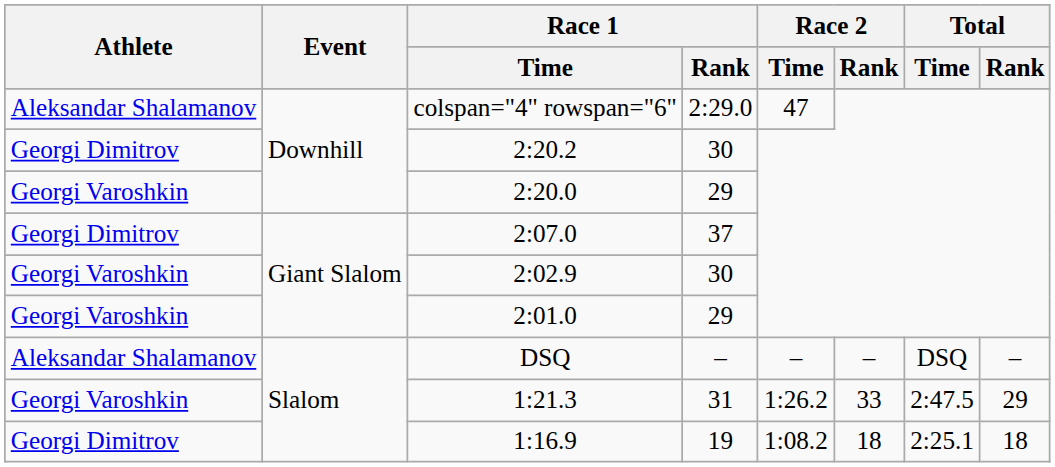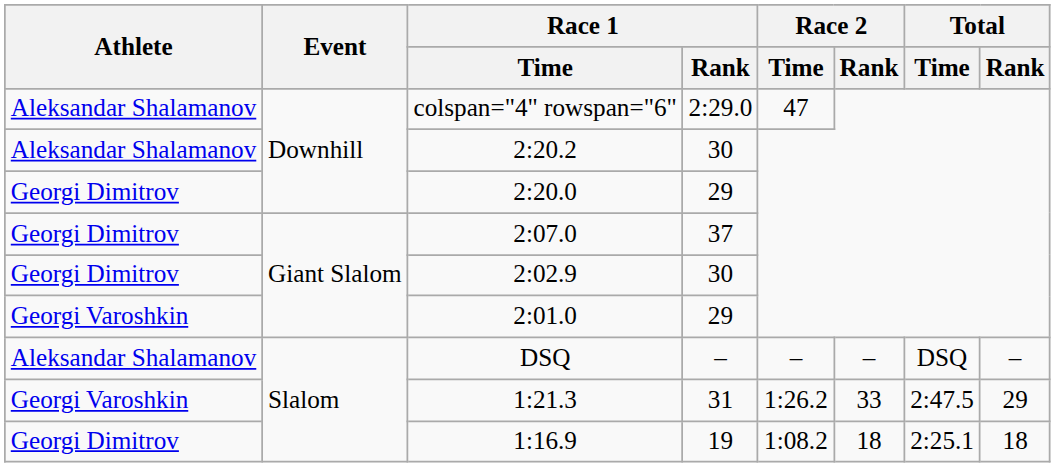 <table class="wikitable" style="font-size:90%">
 <tr>
 <th rowspan="2">Athlete</th>
 <th rowspan="2">Event</th>
 <th colspan="2">Race 1</th>
 <th colspan="2">Race 2</th>
 <th colspan="2">Total</th>
 </tr>
 <tr>
 <th>Time</th>
 <th>Rank</th>
 <th>Time</th>
 <th>Rank</th>
 <th>Time</th>
 <th>Rank</th>
 </tr>
 <tr>
 <td><a href='#'>Aleksandar Shalamanov</a></td>
 <td rowspan="3">Downhill</td>
 <td>colspan="4" rowspan="6" </td>
 <td align="center">2:29.0</td>
 <td align="center">47</td>
 </tr>
 <tr>
-<td><a href='#'>Georgi Dimitrov</a></td>
+<td><a href='#'>Aleksandar Shalamanov</a></td>
 <td align="center">2:20.2</td>
 <td align="center">30</td>
 </tr>
 <tr>
-<td><a href='#'>Georgi Varoshkin</a></td>
+<td><a href='#'>Georgi Dimitrov</a></td>
 <td align="center">2:20.0</td>
 <td align="center">29</td>
 </tr>
 <tr>
 <td><a href='#'>Georgi Dimitrov</a></td>
 <td rowspan="3">Giant Slalom</td>
 <td align="center">2:07.0</td>
 <td align="center">37</td>
 </tr>
 <tr>
-<td><a href='#'>Georgi Varoshkin</a></td>
+<td><a href='#'>Georgi Dimitrov</a></td>
 <td align="center">2:02.9</td>
 <td align="center">30</td>
 </tr>
 <tr>
 <td><a href='#'>Georgi Varoshkin</a></td>
 <td align="center">2:01.0</td>
 <td align="center">29</td>
 </tr>
 <tr>
 <td><a href='#'>Aleksandar Shalamanov</a></td>
 <td rowspan="3">Slalom</td>
 <td align="center">DSQ</td>
 <td align="center">–</td>
 <td align="center">–</td>
 <td align="center">–</td>
 <td align="center">DSQ</td>
 <td align="center">–</td>
 </tr>
 <tr>
 <td><a href='#'>Georgi Varoshkin</a></td>
 <td align="center">1:21.3</td>
 <td align="center">31</td>
 <td align="center">1:26.2</td>
 <td align="center">33</td>
 <td align="center">2:47.5</td>
 <td align="center">29</td>
 </tr>
 <tr>
 <td><a href='#'>Georgi Dimitrov</a></td>
 <td align="center">1:16.9</td>
 <td align="center">19</td>
 <td align="center">1:08.2</td>
 <td align="center">18</td>
 <td align="center">2:25.1</td>
 <td align="center">18</td>
 </tr>
 </table>
